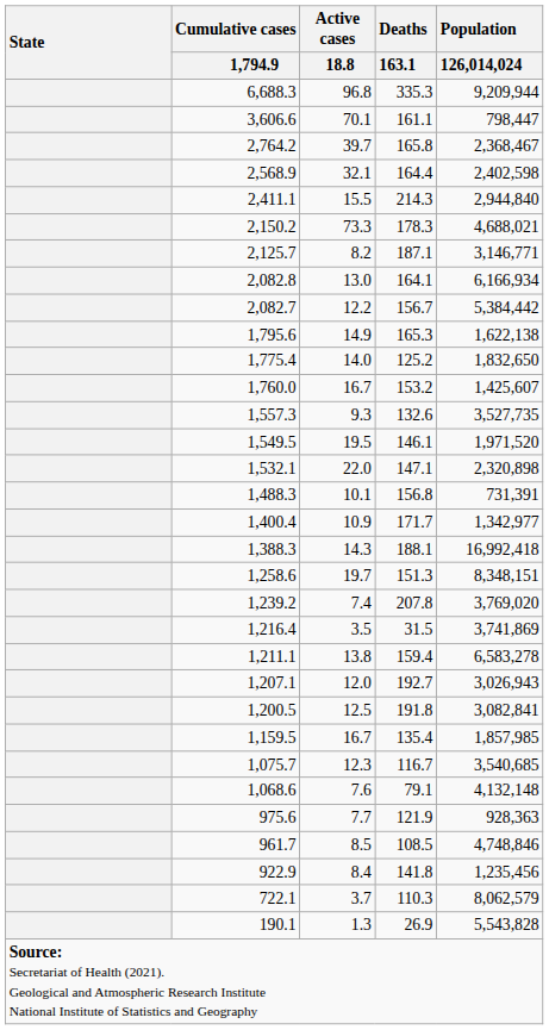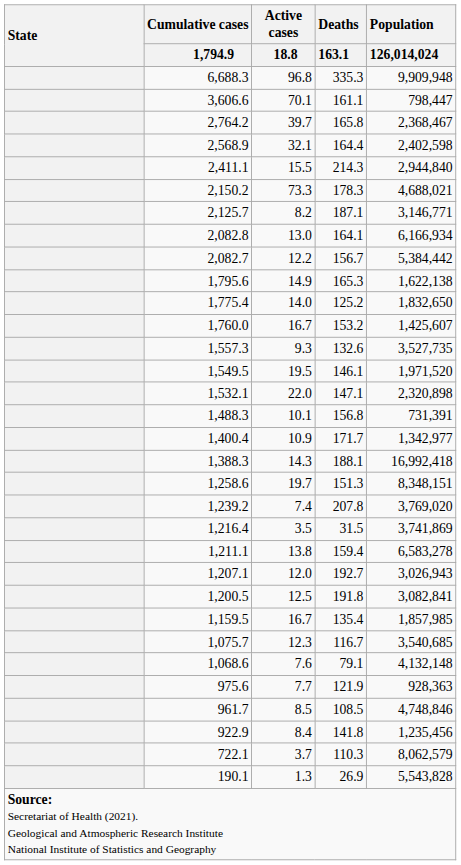 <table class="wikitable sortable" style="display: inline-table; font-size:90%; text-align:right;">
 <tr>
 <th rowspan="2" style="text-align:left; width:140px;">State</th>
 <th style="text-align:left;">Cumulative cases</th>
 <th style="width:60px;">Active cases</th>
 <th style="text-align:left;">Deaths</th>
 <th style="text-align:left;">Population</th>
 </tr>
 <tr>
 <th style="text-align:right; padding-right:18px;" scope="row">1,794.9</th>
 <th style="text-align:right; padding-right:18px;" scope="row">18.8</th>
 <th style="text-align:right; padding-right:18px;" scope="row">163.1</th>
 <th style="text-align:right; padding-right:18px;" scope="row">126,014,024</th>
 </tr>
 <tr>
 <th style="text-align:left"></th>
 <td>6,688.3</td>
 <td>96.8</td>
 <td>335.3</td>
-<td>9,209,944</td>
+<td>9,909,948</td>
 </tr>
 <tr>
 <th style="text-align:left"></th>
 <td>3,606.6</td>
 <td>70.1</td>
 <td>161.1</td>
 <td>798,447</td>
 </tr>
 <tr>
 <th style="text-align:left"></th>
 <td>2,764.2</td>
 <td>39.7</td>
 <td>165.8</td>
 <td>2,368,467</td>
 </tr>
 <tr>
 <th style="text-align:left"></th>
 <td>2,568.9</td>
 <td>32.1</td>
 <td>164.4</td>
 <td>2,402,598</td>
 </tr>
 <tr>
 <th style="text-align:left"></th>
 <td>2,411.1</td>
 <td>15.5</td>
 <td>214.3</td>
 <td>2,944,840</td>
 </tr>
 <tr>
 <th style="text-align:left"></th>
 <td>2,150.2</td>
 <td>73.3</td>
 <td>178.3</td>
 <td>4,688,021</td>
 </tr>
 <tr>
 <th style="text-align:left"></th>
 <td>2,125.7</td>
 <td>8.2</td>
 <td>187.1</td>
 <td>3,146,771</td>
 </tr>
 <tr>
 <th style="text-align:left"></th>
 <td>2,082.8</td>
 <td>13.0</td>
 <td>164.1</td>
 <td>6,166,934</td>
 </tr>
 <tr>
 <th style="text-align:left"></th>
 <td>2,082.7</td>
 <td>12.2</td>
 <td>156.7</td>
 <td>5,384,442</td>
 </tr>
 <tr>
 <th style="text-align:left"></th>
 <td>1,795.6</td>
 <td>14.9</td>
 <td>165.3</td>
 <td>1,622,138</td>
 </tr>
 <tr>
 <th style="text-align:left"></th>
 <td>1,775.4</td>
 <td>14.0</td>
 <td>125.2</td>
 <td>1,832,650</td>
 </tr>
 <tr>
 <th style="text-align:left"></th>
 <td>1,760.0</td>
 <td>16.7</td>
 <td>153.2</td>
 <td>1,425,607</td>
 </tr>
 <tr>
 <th style="text-align:left"></th>
 <td>1,557.3</td>
 <td>9.3</td>
 <td>132.6</td>
 <td>3,527,735</td>
 </tr>
 <tr>
 <th style="text-align:left"></th>
 <td>1,549.5</td>
 <td>19.5</td>
 <td>146.1</td>
 <td>1,971,520</td>
 </tr>
 <tr>
 <th style="text-align:left"></th>
 <td>1,532.1</td>
 <td>22.0</td>
 <td>147.1</td>
 <td>2,320,898</td>
 </tr>
 <tr>
 <th style="text-align:left"></th>
 <td>1,488.3</td>
 <td>10.1</td>
 <td>156.8</td>
 <td>731,391</td>
 </tr>
 <tr>
 <th style="text-align:left"></th>
 <td>1,400.4</td>
 <td>10.9</td>
 <td>171.7</td>
 <td>1,342,977</td>
 </tr>
 <tr>
 <th style="text-align:left"></th>
 <td>1,388.3</td>
 <td>14.3</td>
 <td>188.1</td>
 <td>16,992,418</td>
 </tr>
 <tr>
 <th style="text-align:left"></th>
 <td>1,258.6</td>
 <td>19.7</td>
 <td>151.3</td>
 <td>8,348,151</td>
 </tr>
 <tr>
 <th style="text-align:left"></th>
 <td>1,239.2</td>
 <td>7.4</td>
 <td>207.8</td>
 <td>3,769,020</td>
 </tr>
 <tr>
 <th style="text-align:left"></th>
 <td>1,216.4</td>
 <td>3.5</td>
 <td>31.5</td>
 <td>3,741,869</td>
 </tr>
 <tr>
 <th style="text-align:left"></th>
 <td>1,211.1</td>
 <td>13.8</td>
 <td>159.4</td>
 <td>6,583,278</td>
 </tr>
 <tr>
 <th style="text-align:left"></th>
 <td>1,207.1</td>
 <td>12.0</td>
 <td>192.7</td>
 <td>3,026,943</td>
 </tr>
 <tr>
 <th style="text-align:left"></th>
 <td>1,200.5</td>
 <td>12.5</td>
 <td>191.8</td>
 <td>3,082,841</td>
 </tr>
 <tr>
 <th style="text-align:left"></th>
 <td>1,159.5</td>
 <td>16.7</td>
 <td>135.4</td>
 <td>1,857,985</td>
 </tr>
 <tr>
 <th style="text-align:left"></th>
 <td>1,075.7</td>
 <td>12.3</td>
 <td>116.7</td>
 <td>3,540,685</td>
 </tr>
 <tr>
 <th style="text-align:left"></th>
 <td>1,068.6</td>
 <td>7.6</td>
 <td>79.1</td>
 <td>4,132,148</td>
 </tr>
 <tr>
 <th style="text-align:left"></th>
 <td>975.6</td>
 <td>7.7</td>
 <td>121.9</td>
 <td>928,363</td>
 </tr>
 <tr>
 <th style="text-align:left"></th>
 <td>961.7</td>
 <td>8.5</td>
 <td>108.5</td>
 <td>4,748,846</td>
 </tr>
 <tr>
 <th style="text-align:left"></th>
 <td>922.9</td>
 <td>8.4</td>
 <td>141.8</td>
 <td>1,235,456</td>
 </tr>
 <tr>
 <th style="text-align:left"></th>
 <td>722.1</td>
 <td>3.7</td>
 <td>110.3</td>
 <td>8,062,579</td>
 </tr>
 <tr>
 <th style="text-align:left"></th>
 <td>190.1</td>
 <td>1.3</td>
 <td>26.9</td>
 <td>5,543,828</td>
 </tr>
 <tr style="text-align:left; padding-left:8px;" class="sortbottom">
 <td style="width:360px;" colspan="6"><strong>Source:</strong><br><small>Secretariat of Health (2021).<br> Geological and Atmospheric Research Institute<br>National Institute of Statistics and Geography</small></td>
 </tr>
 </table>
